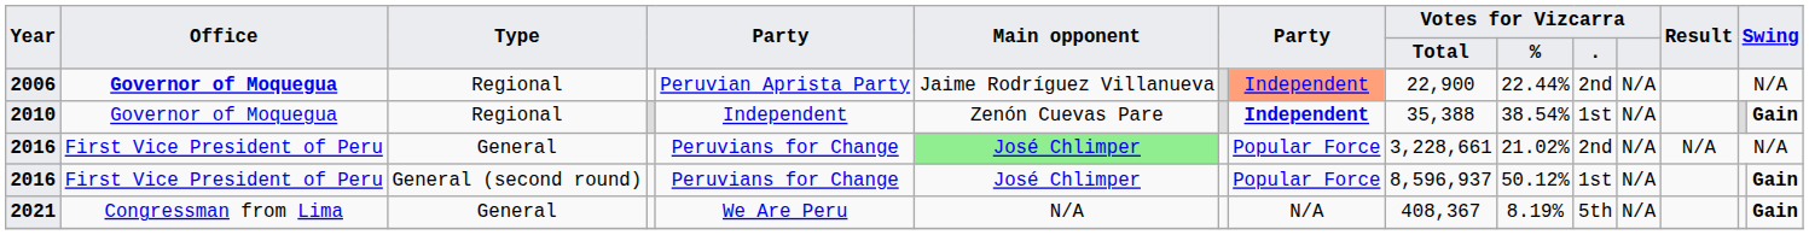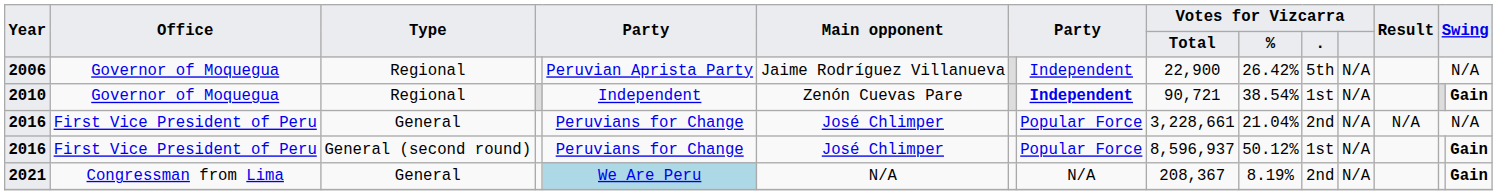 <table class="wikitable" style="font-size:90%; text-align:center;">
 <tr>
 <th style="background-color:#EAECF0;" rowspan=2>Year</th>
 <th style="background-color:#EAECF0;" rowspan=2>Office</th>
 <th style="background-color:#EAECF0;" rowspan=2>Type</th>
 <th style="background-color:#EAECF0;" colspan=2 rowspan=2>Party</th>
 <th style="background-color:#EAECF0;" rowspan=2>Main opponent</th>
 <th style="background-color:#EAECF0;" colspan=2 rowspan=2>Party</th>
 <th style="background-color:#EAECF0;" colspan=4>Votes for Vizcarra</th>
 <th style="background-color:#EAECF0;" rowspan=2>Result</th>
 <th style="background-color:#EAECF0;" colspan=2 rowspan=2><a href='#'>Swing</a></th>
 </tr>
 <tr>
 <th style="background-color:#EAECF0;">Total</th>
 <th style="background-color:#EAECF0;">%</th>
 <th style="background-color:#EAECF0;">.</th>
 <th style="background-color:#EAECF0;"></th>
 </tr>
 <tr>
 <th style="background-color:#EAECF0;">2006</th>
-<td><strong><a href='#'>Governor of Moquegua</a></strong></td>
+<td><a href='#'>Governor of Moquegua</a></td>
 <td>Regional</td>
 <td style="background-color:"></td>
 <td><a href='#'>Peruvian Aprista Party</a></td>
 <td>Jaime Rodríguez Villanueva</td>
 <td style="background-color:#dddddd;"></td>
-<td style="background: lightsalmon;"><a href='#'>Independent</a></td>
+<td><a href='#'>Independent</a></td>
 <td>22,900</td>
-<td>22.44%</td>
-<td>2nd</td>
+<td>26.42%</td>
+<td>5th</td>
 <td>N/A</td>
 <td></td>
 <td colspan=2>N/A</td>
 </tr>
 <tr>
 <th style="background-color:#EAECF0;">2010</th>
 <td><a href='#'>Governor of Moquegua</a></td>
 <td>Regional</td>
 <td style="background-color:#dddddd;"></td>
 <td><a href='#'>Independent</a></td>
 <td>Zenón Cuevas Pare</td>
 <td style="background-color:#dddddd;"></td>
 <td><strong><a href='#'>Independent</a></strong></td>
-<td>35,388</td>
+<td>90,721</td>
 <td>38.54%</td>
 <td>1st</td>
 <td>N/A</td>
 <td></td>
 <td style="background-color:#dddddd;"></td>
 <td colspan=2><strong>Gain</strong></td>
 </tr>
 <tr>
 <th style="background-color:#EAECF0;">2016</th>
 <td><a href='#'>First Vice President of Peru</a></td>
 <td>General</td>
 <td style="background-color:"></td>
 <td><a href='#'>Peruvians for Change</a></td>
-<td style="background: lightgreen;"><a href='#'>José Chlimper</a></td>
+<td><a href='#'>José Chlimper</a></td>
 <td style="background-color:"></td>
 <td><a href='#'>Popular Force</a></td>
 <td>3,228,661</td>
-<td>21.02%</td>
+<td>21.04%</td>
 <td>2nd</td>
 <td>N/A</td>
 <td>N/A</td>
 <td colspan=2>N/A</td>
 </tr>
 <tr>
 <th style="background-color:#EAECF0;">2016</th>
 <td><a href='#'>First Vice President of Peru</a></td>
 <td>General (second round)</td>
 <td style="background-color:"></td>
 <td><a href='#'>Peruvians for Change</a></td>
 <td><a href='#'>José Chlimper</a></td>
 <td style="background-color:"></td>
 <td><a href='#'>Popular Force</a></td>
 <td>8,596,937</td>
 <td>50.12%</td>
 <td>1st</td>
 <td>N/A</td>
 <td></td>
 <td style="background-color:"></td>
 <td><strong>Gain</strong></td>
 </tr>
 <tr>
 <th style="background-color:#EAECF0;">2021</th>
 <td><a href='#'>Congressman</a> from <a href='#'>Lima</a></td>
 <td>General</td>
 <td style="background-color:"></td>
-<td><a href='#'>We Are Peru</a></td>
+<td style="background: lightblue;"><a href='#'>We Are Peru</a></td>
 <td>N/A</td>
 <td style="background-color:"></td>
 <td>N/A</td>
-<td>408,367</td>
+<td>208,367</td>
 <td>8.19%</td>
-<td>5th</td>
+<td>2nd</td>
 <td>N/A</td>
 <td></td>
 <td style="background-color:"></td>
 <td colspan=2><strong>Gain</strong></td>
 </tr>
 <tr>
 </tr>
 </table>
